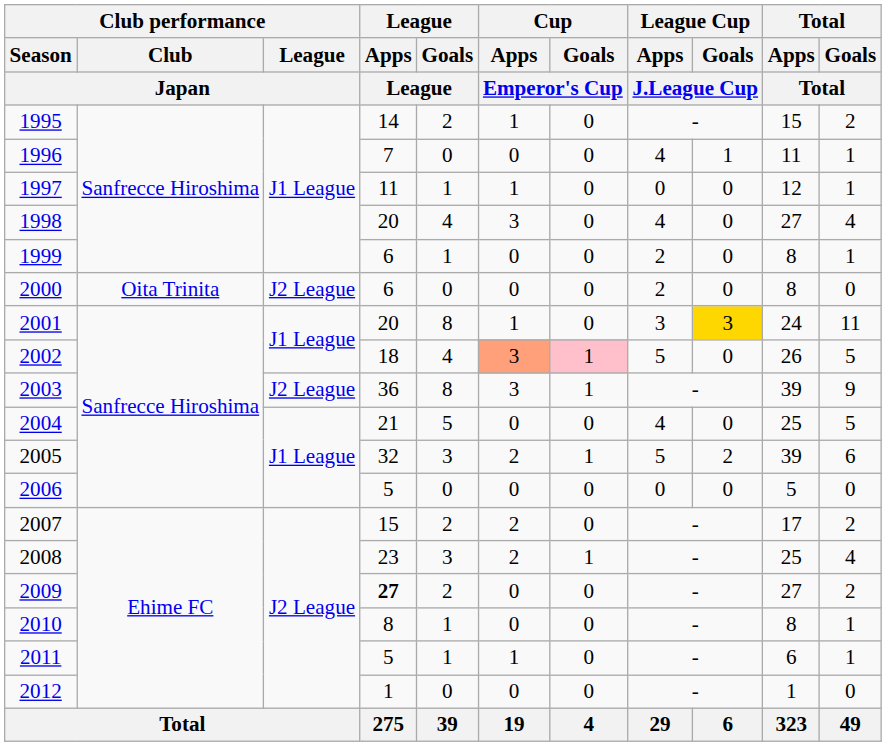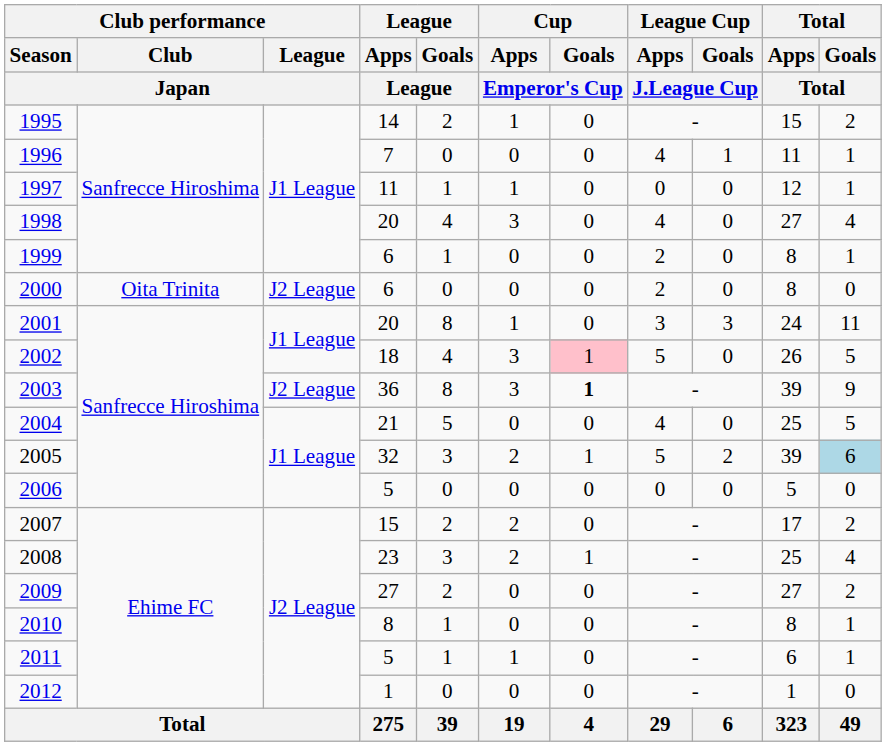 <table class="wikitable" style="text-align:center;">
 <tr>
 <th colspan=3>Club performance</th>
 <th colspan=2>League</th>
 <th colspan=2>Cup</th>
 <th colspan=2>League Cup</th>
 <th colspan=2>Total</th>
 </tr>
 <tr>
 <th>Season</th>
 <th>Club</th>
 <th>League</th>
 <th>Apps</th>
 <th>Goals</th>
 <th>Apps</th>
 <th>Goals</th>
 <th>Apps</th>
 <th>Goals</th>
 <th>Apps</th>
 <th>Goals</th>
 </tr>
 <tr>
 <th colspan=3>Japan</th>
 <th colspan=2>League</th>
 <th colspan=2><a href='#'>Emperor's Cup</a></th>
 <th colspan=2><a href='#'>J.League Cup</a></th>
 <th colspan=2>Total</th>
 </tr>
 <tr>
 <td><a href='#'>1995</a></td>
 <td rowspan="5"><a href='#'>Sanfrecce Hiroshima</a></td>
 <td rowspan="5"><a href='#'>J1 League</a></td>
 <td>14</td>
 <td>2</td>
 <td>1</td>
 <td>0</td>
 <td colspan="2">-</td>
 <td>15</td>
 <td>2</td>
 </tr>
 <tr>
 <td><a href='#'>1996</a></td>
 <td>7</td>
 <td>0</td>
 <td>0</td>
 <td>0</td>
 <td>4</td>
 <td>1</td>
 <td>11</td>
 <td>1</td>
 </tr>
 <tr>
 <td><a href='#'>1997</a></td>
 <td>11</td>
 <td>1</td>
 <td>1</td>
 <td>0</td>
 <td>0</td>
 <td>0</td>
 <td>12</td>
 <td>1</td>
 </tr>
 <tr>
 <td><a href='#'>1998</a></td>
 <td>20</td>
 <td>4</td>
 <td>3</td>
 <td>0</td>
 <td>4</td>
 <td>0</td>
 <td>27</td>
 <td>4</td>
 </tr>
 <tr>
 <td><a href='#'>1999</a></td>
 <td>6</td>
 <td>1</td>
 <td>0</td>
 <td>0</td>
 <td>2</td>
 <td>0</td>
 <td>8</td>
 <td>1</td>
 </tr>
 <tr>
 <td><a href='#'>2000</a></td>
 <td><a href='#'>Oita Trinita</a></td>
 <td><a href='#'>J2 League</a></td>
 <td>6</td>
 <td>0</td>
 <td>0</td>
 <td>0</td>
 <td>2</td>
 <td>0</td>
 <td>8</td>
 <td>0</td>
 </tr>
 <tr>
 <td><a href='#'>2001</a></td>
 <td rowspan="6"><a href='#'>Sanfrecce Hiroshima</a></td>
 <td rowspan="2"><a href='#'>J1 League</a></td>
 <td>20</td>
 <td>8</td>
 <td>1</td>
 <td>0</td>
 <td>3</td>
-<td style="background: gold;">3</td>
+<td>3</td>
 <td>24</td>
 <td>11</td>
 </tr>
 <tr>
 <td><a href='#'>2002</a></td>
 <td>18</td>
 <td>4</td>
-<td style="background: lightsalmon;">3</td>
+<td>3</td>
 <td style="background: pink;">1</td>
 <td>5</td>
 <td>0</td>
 <td>26</td>
 <td>5</td>
 </tr>
 <tr>
 <td><a href='#'>2003</a></td>
 <td><a href='#'>J2 League</a></td>
 <td>36</td>
 <td>8</td>
 <td>3</td>
-<td>1</td>
+<td><strong>1</strong></td>
 <td colspan="2">-</td>
 <td>39</td>
 <td>9</td>
 </tr>
 <tr>
 <td><a href='#'>2004</a></td>
 <td rowspan="3"><a href='#'>J1 League</a></td>
 <td>21</td>
 <td>5</td>
 <td>0</td>
 <td>0</td>
 <td>4</td>
 <td>0</td>
 <td>25</td>
 <td>5</td>
 </tr>
 <tr>
 <td>2005</td>
 <td>32</td>
 <td>3</td>
 <td>2</td>
 <td>1</td>
 <td>5</td>
 <td>2</td>
 <td>39</td>
-<td>6</td>
+<td style="background: lightblue;">6</td>
 </tr>
 <tr>
 <td><a href='#'>2006</a></td>
 <td>5</td>
 <td>0</td>
 <td>0</td>
 <td>0</td>
 <td>0</td>
 <td>0</td>
 <td>5</td>
 <td>0</td>
 </tr>
 <tr>
 <td>2007</td>
 <td rowspan="6"><a href='#'>Ehime FC</a></td>
 <td rowspan="6"><a href='#'>J2 League</a></td>
 <td>15</td>
 <td>2</td>
 <td>2</td>
 <td>0</td>
 <td colspan="2">-</td>
 <td>17</td>
 <td>2</td>
 </tr>
 <tr>
 <td>2008</td>
 <td>23</td>
 <td>3</td>
 <td>2</td>
 <td>1</td>
 <td colspan="2">-</td>
 <td>25</td>
 <td>4</td>
 </tr>
 <tr>
 <td><a href='#'>2009</a></td>
-<td><strong>27</strong></td>
+<td>27</td>
 <td>2</td>
 <td>0</td>
 <td>0</td>
 <td colspan="2">-</td>
 <td>27</td>
 <td>2</td>
 </tr>
 <tr>
 <td><a href='#'>2010</a></td>
 <td>8</td>
 <td>1</td>
 <td>0</td>
 <td>0</td>
 <td colspan="2">-</td>
 <td>8</td>
 <td>1</td>
 </tr>
 <tr>
 <td><a href='#'>2011</a></td>
 <td>5</td>
 <td>1</td>
 <td>1</td>
 <td>0</td>
 <td colspan="2">-</td>
 <td>6</td>
 <td>1</td>
 </tr>
 <tr>
 <td><a href='#'>2012</a></td>
 <td>1</td>
 <td>0</td>
 <td>0</td>
 <td>0</td>
 <td colspan="2">-</td>
 <td>1</td>
 <td>0</td>
 </tr>
 <tr>
 <th colspan=3>Total</th>
 <th>275</th>
 <th>39</th>
 <th>19</th>
 <th>4</th>
 <th>29</th>
 <th>6</th>
 <th>323</th>
 <th>49</th>
 </tr>
 </table>
